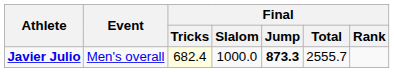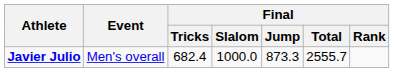 <table class="wikitable" border="1">
 <tr>
 <th rowspan=2>Athlete</th>
 <th rowspan=2>Event</th>
 <th colspan=5>Final</th>
 </tr>
 <tr>
 <th>Tricks</th>
 <th>Slalom</th>
 <th>Jump</th>
 <th>Total</th>
 <th>Rank</th>
 </tr>
 <tr>
 <td><strong><a href='#'>Javier Julio</a></strong></td>
 <td><a href='#'>Men's overall</a></td>
-<td align=center style="background: lightyellow;">682.4</td>
+<td align=center>682.4</td>
 <td align=center>1000.0</td>
-<td align=center><strong>873.3</strong></td>
+<td align=center>873.3</td>
 <td align=center>2555.7</td>
 <td align=center></td>
 </tr>
 </table>
